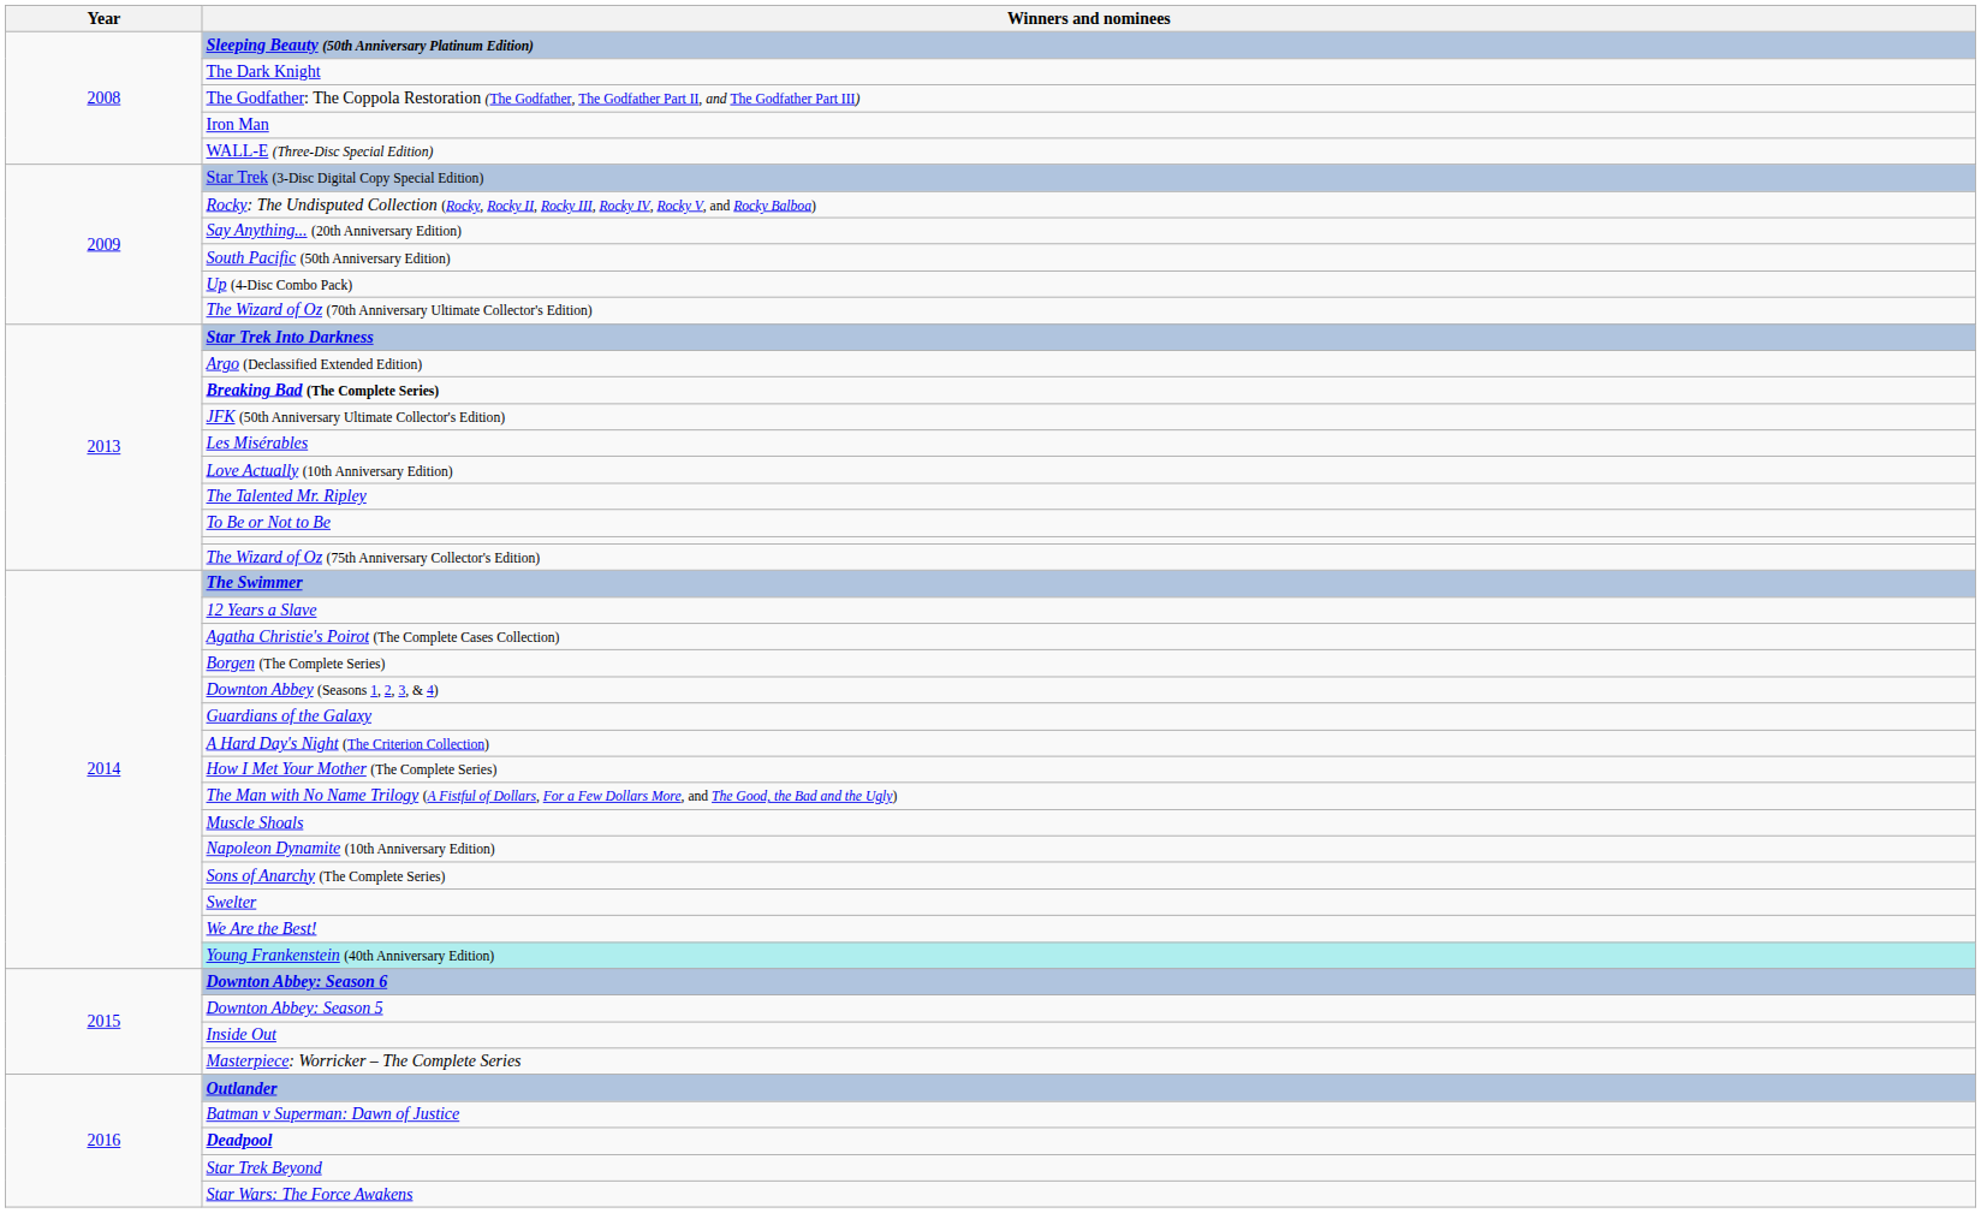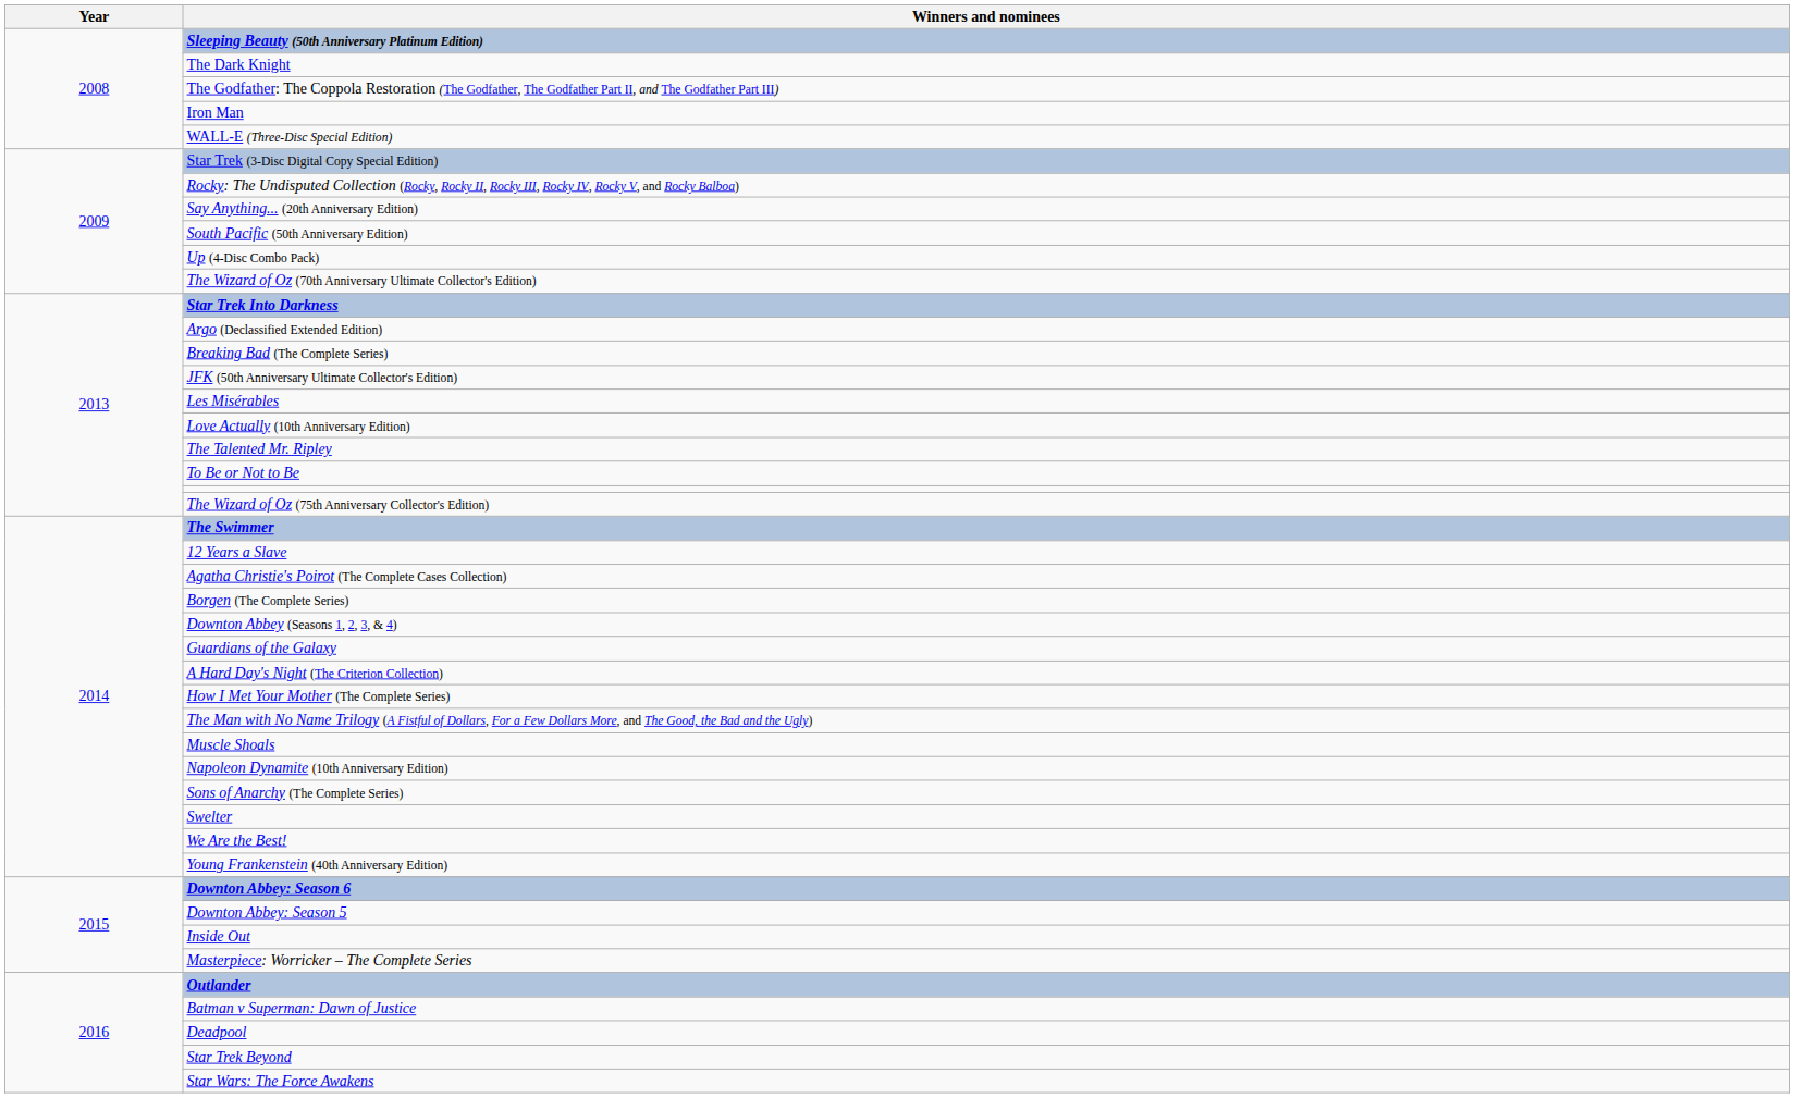 <table class="wikitable" width="95%" cellpadding="5">
 <tr>
 <th width="10%">Year</th>
 <th width="90%">Winners and nominees</th>
 </tr>
 <tr>
 <td rowspan="5" style="text-align:center;"><a href='#'>2008</a><br></td>
 <td style="background:#B0C4DE;"><strong><em><a href='#'>Sleeping Beauty</a><em> <small>(50th Anniversary Platinum Edition)</small><strong></td>
 </tr>
 <tr>
 <td></em><a href='#'>The Dark Knight</a><em></td>
 </tr>
 <tr>
 <td></em><a href='#'>The Godfather</a>: The Coppola Restoration<em> <small>(</em><a href='#'>The Godfather</a><em>, </em><a href='#'>The Godfather Part II</a><em>, and </em><a href='#'>The Godfather Part III</a><em>)</small></td>
 </tr>
 <tr>
 <td></em><a href='#'>Iron Man</a><em></td>
 </tr>
 <tr>
 <td></em><a href='#'>WALL-E</a><em> <small>(Three-Disc Special Edition)</small></td>
 </tr>
 <tr>
 <td rowspan="6" style="text-align:center;"><a href='#'>2009</a><br></td>
 <td style="background:#B0C4DE;"></em></strong><a href='#'>Star Trek</a></em> <small>(3-Disc Digital Copy Special Edition)</small></strong></td>
 </tr>
 <tr>
 <td><em><a href='#'>Rocky</a>: The Undisputed Collection</em> <small>(<em><a href='#'>Rocky</a></em>, <em><a href='#'>Rocky II</a></em>, <em><a href='#'>Rocky III</a></em>, <em><a href='#'>Rocky IV</a></em>, <em><a href='#'>Rocky V</a></em>, and <em><a href='#'>Rocky Balboa</a></em>)</small></td>
 </tr>
 <tr>
 <td><em><a href='#'>Say Anything...</a></em> <small>(20th Anniversary Edition)</small></td>
 </tr>
 <tr>
 <td><em><a href='#'>South Pacific</a></em> <small>(50th Anniversary Edition)</small></td>
 </tr>
 <tr>
 <td><em><a href='#'>Up</a></em> <small>(4-Disc Combo Pack)</small></td>
 </tr>
 <tr>
 <td><em><a href='#'>The Wizard of Oz</a></em> <small>(70th Anniversary Ultimate Collector's Edition)</small></td>
 </tr>
 <tr>
 <td rowspan="10" style="text-align:center;"><a href='#'>2013</a><br></td>
 <td style="background:#B0C4DE;"><strong><em><a href='#'>Star Trek Into Darkness</a></em></strong></td>
 </tr>
 <tr>
 <td><em><a href='#'>Argo</a></em> <small>(Declassified Extended Edition)</small></td>
 </tr>
 <tr>
-<td><strong><em><a href='#'>Breaking Bad</a></em> <small>(The Complete Series)</small></strong></td>
+<td><em><a href='#'>Breaking Bad</a></em> <small>(The Complete Series)</small></td>
 </tr>
 <tr>
 <td><em><a href='#'>JFK</a></em> <small>(50th Anniversary Ultimate Collector's Edition)</small></td>
 </tr>
 <tr>
 <td><em><a href='#'>Les Misérables</a></em></td>
 </tr>
 <tr>
 <td><em><a href='#'>Love Actually</a></em> <small>(10th Anniversary Edition)</small></td>
 </tr>
 <tr>
 <td><em><a href='#'>The Talented Mr. Ripley</a></em></td>
 </tr>
 <tr>
 <td><em><a href='#'>To Be or Not to Be</a></em></td>
 </tr>
 <tr>
 <td><em></em></td>
 </tr>
 <tr>
 <td><em><a href='#'>The Wizard of Oz</a></em> <small>(75th Anniversary Collector's Edition)</small></td>
 </tr>
 <tr>
 <td rowspan="15" style="text-align:center;"><a href='#'>2014</a><br></td>
 <td style="background:#B0C4DE;"><strong><em><a href='#'>The Swimmer</a></em></strong></td>
 </tr>
 <tr>
 <td><em><a href='#'>12 Years a Slave</a></em></td>
 </tr>
 <tr>
 <td><em><a href='#'>Agatha Christie's Poirot</a></em> <small>(The Complete Cases Collection)</small></td>
 </tr>
 <tr>
 <td><em><a href='#'>Borgen</a></em> <small>(The Complete Series)</small></td>
 </tr>
 <tr>
 <td><em><a href='#'>Downton Abbey</a></em> <small>(Seasons <a href='#'>1</a>, <a href='#'>2</a>, <a href='#'>3</a>, & <a href='#'>4</a>)</small></td>
 </tr>
 <tr>
 <td><em><a href='#'>Guardians of the Galaxy</a></em></td>
 </tr>
 <tr>
 <td><em><a href='#'>A Hard Day's Night</a></em> <small>(<a href='#'>The Criterion Collection</a>)</small></td>
 </tr>
 <tr>
 <td><em><a href='#'>How I Met Your Mother</a></em> <small>(The Complete Series)</small></td>
 </tr>
 <tr>
 <td><em><a href='#'>The Man with No Name Trilogy</a></em> <small>(<em><a href='#'>A Fistful of Dollars</a></em>, <em><a href='#'>For a Few Dollars More</a></em>, and <em><a href='#'>The Good, the Bad and the Ugly</a></em>)</small></td>
 </tr>
 <tr>
 <td><em><a href='#'>Muscle Shoals</a></em></td>
 </tr>
 <tr>
 <td><em><a href='#'>Napoleon Dynamite</a></em> <small>(10th Anniversary Edition)</small></td>
 </tr>
 <tr>
 <td><em><a href='#'>Sons of Anarchy</a></em> <small>(The Complete Series)</small></td>
 </tr>
 <tr>
 <td><em><a href='#'>Swelter</a></em></td>
 </tr>
 <tr>
 <td><em><a href='#'>We Are the Best!</a></em></td>
 </tr>
 <tr>
-<td style="background: paleturquoise;"><em><a href='#'>Young Frankenstein</a></em> <small>(40th Anniversary Edition)</small></td>
+<td><em><a href='#'>Young Frankenstein</a></em> <small>(40th Anniversary Edition)</small></td>
 </tr>
 <tr>
 <td rowspan="4" style="text-align:center;"><a href='#'>2015</a><br></td>
 <td style="background:#B0C4DE;"><strong><em><a href='#'>Downton Abbey: Season 6</a></em></strong></td>
 </tr>
 <tr>
 <td><em><a href='#'>Downton Abbey: Season 5</a></em></td>
 </tr>
 <tr>
 <td><em><a href='#'>Inside Out</a></em></td>
 </tr>
 <tr>
 <td><em><a href='#'>Masterpiece</a>: Worricker – The Complete Series</em></td>
 </tr>
 <tr>
 <td rowspan="5" style="text-align:center;"><a href='#'>2016</a><br></td>
 <td style="background:#B0C4DE;"><strong><em><a href='#'>Outlander</a></em></strong></td>
 </tr>
 <tr>
 <td><em><a href='#'>Batman v Superman: Dawn of Justice</a></em></td>
 </tr>
 <tr>
-<td><strong><em><a href='#'>Deadpool</a></em></strong></td>
+<td><em><a href='#'>Deadpool</a></em></td>
 </tr>
 <tr>
 <td><em><a href='#'>Star Trek Beyond</a></em></td>
 </tr>
 <tr>
 <td><em><a href='#'>Star Wars: The Force Awakens</a></em></td>
 </tr>
 </table>
